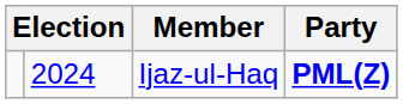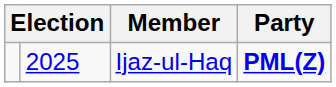 <table class="wikitable">
 <tr>
 <th colspan="2">Election</th>
 <th>Member</th>
 <th>Party</th>
 </tr>
 <tr>
 <td style="background-color: "></td>
-<td><a href='#'>2024</a></td>
+<td><a href='#'>2025</a></td>
 <td><a href='#'>Ijaz-ul-Haq</a></td>
 <td><strong><a href='#'>PML(Z)</a></strong></td>
 </tr>
 </table>
